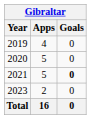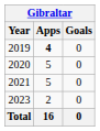 <table class="wikitable" style="text-align:center">
 <tr>
 <th colspan=3><a href='#'>Gibraltar</a></th>
 </tr>
 <tr>
 <th>Year</th>
 <th>Apps</th>
 <th>Goals</th>
 </tr>
 <tr>
 <td>2019</td>
-<td>4</td>
+<td><strong>4</strong></td>
 <td>0</td>
 </tr>
 <tr>
 <td>2020</td>
 <td>5</td>
 <td>0</td>
 </tr>
 <tr>
 <td>2021</td>
 <td>5</td>
-<td><strong>0</strong></td>
+<td>0</td>
 </tr>
 <tr>
 <td>2023</td>
 <td>2</td>
 <td>0</td>
 </tr>
 <tr>
 <th>Total</th>
 <th>16</th>
 <th>0</th>
 </tr>
 </table>
